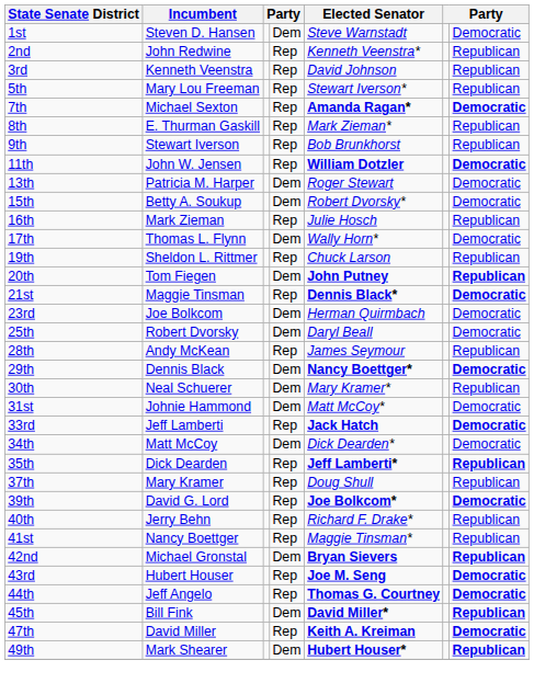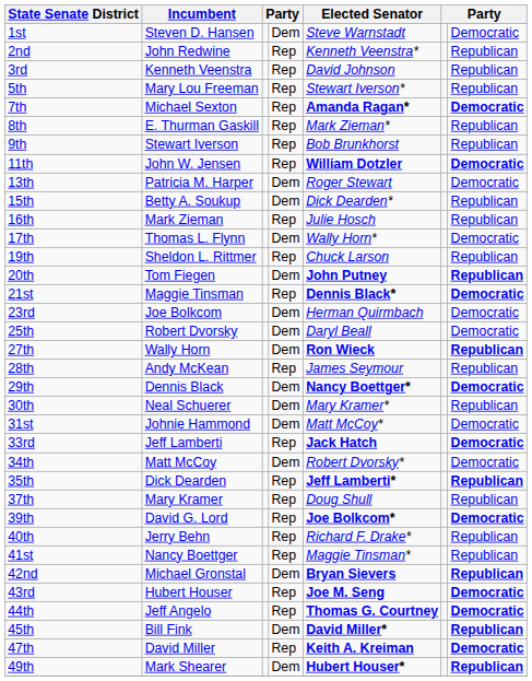 <table class="sortable wikitable" style="font-size:95%;line-height:14px;">
 <tr>
 <th class="unsortable"><a href='#'>State Senate</a> District</th>
 <th class="unsortable"><a href='#'>Incumbent</a></th>
 <th colspan="2">Party</th>
 <th class="unsortable">Elected Senator</th>
 <th colspan="2">Party</th>
 </tr>
 <tr>
 <td><a href='#'>1st</a></td>
 <td><a href='#'>Steven D. Hansen</a></td>
 <td style="background:"></td>
 <td>Dem</td>
 <td><em><a href='#'>Steve Warnstadt</a></em></td>
 <td style="background:"></td>
 <td><a href='#'>Democratic</a></td>
 </tr>
 <tr>
 <td><a href='#'>2nd</a></td>
 <td><a href='#'>John Redwine</a></td>
 <td style="background:"></td>
 <td>Rep</td>
 <td><em><a href='#'>Kenneth Veenstra</a>*</em></td>
 <td style="background:"></td>
 <td><a href='#'>Republican</a></td>
 </tr>
 <tr>
 <td><a href='#'>3rd</a></td>
 <td><a href='#'>Kenneth Veenstra</a></td>
 <td style="background:"></td>
 <td>Rep</td>
 <td><em><a href='#'>David Johnson</a></em></td>
 <td style="background:"></td>
 <td><a href='#'>Republican</a></td>
 </tr>
 <tr>
 <td><a href='#'>5th</a></td>
 <td><a href='#'>Mary Lou Freeman</a></td>
 <td style="background:"></td>
 <td>Rep</td>
 <td><em><a href='#'>Stewart Iverson</a>*</em></td>
 <td style="background:"></td>
 <td><a href='#'>Republican</a></td>
 </tr>
 <tr>
 <td><a href='#'>7th</a></td>
 <td><a href='#'>Michael Sexton</a></td>
 <td style="background:"></td>
 <td>Rep</td>
 <td><strong><a href='#'>Amanda Ragan</a>*</strong></td>
 <td style="background:"></td>
 <td><strong><a href='#'>Democratic</a></strong></td>
 </tr>
 <tr>
 <td><a href='#'>8th</a></td>
 <td><a href='#'>E. Thurman Gaskill</a></td>
 <td style="background:"></td>
 <td>Rep</td>
 <td><em><a href='#'>Mark Zieman</a>*</em></td>
 <td style="background:"></td>
 <td><a href='#'>Republican</a></td>
 </tr>
 <tr>
 <td><a href='#'>9th</a></td>
 <td><a href='#'>Stewart Iverson</a></td>
 <td style="background:"></td>
 <td>Rep</td>
 <td><em><a href='#'>Bob Brunkhorst</a></em></td>
 <td style="background:"></td>
 <td><a href='#'>Republican</a></td>
 </tr>
 <tr>
 <td><a href='#'>11th</a></td>
 <td><a href='#'>John W. Jensen</a></td>
 <td style="background:"></td>
 <td>Rep</td>
 <td><strong><a href='#'>William Dotzler</a></strong></td>
 <td style="background:"></td>
 <td><strong><a href='#'>Democratic</a></strong></td>
 </tr>
 <tr>
 <td><a href='#'>13th</a></td>
 <td><a href='#'>Patricia M. Harper</a></td>
 <td style="background:"></td>
 <td>Dem</td>
 <td><em><a href='#'>Roger Stewart</a></em></td>
 <td style="background:"></td>
 <td><a href='#'>Democratic</a></td>
 </tr>
 <tr>
 <td><a href='#'>15th</a></td>
 <td><a href='#'>Betty A. Soukup</a></td>
 <td style="background:"></td>
 <td>Dem</td>
-<td><em><a href='#'>Robert Dvorsky</a>*</em></td>
+<td><em><a href='#'>Dick Dearden</a>*</em></td>
 <td style="background:"></td>
-<td><a href='#'>Democratic</a></td>
+<td><a href='#'>Republican</a></td>
 </tr>
 <tr>
 <td><a href='#'>16th</a></td>
 <td><a href='#'>Mark Zieman</a></td>
 <td style="background:"></td>
 <td>Rep</td>
 <td><em><a href='#'>Julie Hosch</a></em></td>
 <td style="background:"></td>
 <td><a href='#'>Republican</a></td>
 </tr>
 <tr>
 <td><a href='#'>17th</a></td>
 <td><a href='#'>Thomas L. Flynn</a></td>
 <td style="background:"></td>
 <td>Dem</td>
 <td><em><a href='#'>Wally Horn</a>*</em></td>
 <td style="background:"></td>
 <td><a href='#'>Democratic</a></td>
 </tr>
 <tr>
 <td><a href='#'>19th</a></td>
 <td><a href='#'>Sheldon L. Rittmer</a></td>
 <td style="background:"></td>
 <td>Rep</td>
 <td><em><a href='#'>Chuck Larson</a></em></td>
 <td style="background:"></td>
 <td><a href='#'>Republican</a></td>
 </tr>
 <tr>
 <td><a href='#'>20th</a></td>
 <td><a href='#'>Tom Fiegen</a></td>
 <td style="background:"></td>
 <td>Dem</td>
 <td><strong><a href='#'>John Putney</a></strong></td>
 <td style="background:"></td>
 <td><strong><a href='#'>Republican</a></strong></td>
 </tr>
 <tr>
 <td><a href='#'>21st</a></td>
 <td><a href='#'>Maggie Tinsman</a></td>
 <td style="background:"></td>
 <td>Rep</td>
 <td><strong><a href='#'>Dennis Black</a>*</strong></td>
 <td style="background:"></td>
 <td><strong><a href='#'>Democratic</a></strong></td>
 </tr>
 <tr>
 <td><a href='#'>23rd</a></td>
 <td><a href='#'>Joe Bolkcom</a></td>
 <td style="background:"></td>
 <td>Dem</td>
 <td><em><a href='#'>Herman Quirmbach</a></em></td>
 <td style="background:"></td>
 <td><a href='#'>Democratic</a></td>
 </tr>
 <tr>
 <td><a href='#'>25th</a></td>
 <td><a href='#'>Robert Dvorsky</a></td>
 <td style="background:"></td>
 <td>Dem</td>
 <td><em><a href='#'>Daryl Beall</a></em></td>
 <td style="background:"></td>
 <td><a href='#'>Democratic</a></td>
 </tr>
 <tr>
+<td><a href='#'>27th</a></td>
+<td><a href='#'>Wally Horn</a></td>
+<td style="background:"></td>
+<td>Dem</td>
+<td><strong><a href='#'>Ron Wieck</a></strong></td>
+<td style="background:"></td>
+<td><strong><a href='#'>Republican</a></strong></td>
+</tr>
+<tr>
 <td><a href='#'>28th</a></td>
 <td><a href='#'>Andy McKean</a></td>
 <td style="background:"></td>
 <td>Rep</td>
 <td><em><a href='#'>James Seymour</a></em></td>
 <td style="background:"></td>
 <td><a href='#'>Republican</a></td>
 </tr>
 <tr>
 <td><a href='#'>29th</a></td>
 <td><a href='#'>Dennis Black</a></td>
 <td style="background:"></td>
 <td>Dem</td>
 <td><strong><a href='#'>Nancy Boettger</a>*</strong></td>
 <td style="background:"></td>
 <td><strong><a href='#'>Democratic</a></strong></td>
 </tr>
 <tr>
 <td><a href='#'>30th</a></td>
 <td><a href='#'>Neal Schuerer</a></td>
 <td style="background:"></td>
 <td>Dem</td>
 <td><em><a href='#'>Mary Kramer</a>*</em></td>
 <td style="background:"></td>
 <td><a href='#'>Republican</a></td>
 </tr>
 <tr>
 <td><a href='#'>31st</a></td>
 <td><a href='#'>Johnie Hammond</a></td>
 <td style="background:"></td>
 <td>Dem</td>
 <td><em><a href='#'>Matt McCoy</a>*</em></td>
 <td style="background:"></td>
 <td><a href='#'>Democratic</a></td>
 </tr>
 <tr>
 <td><a href='#'>33rd</a></td>
 <td><a href='#'>Jeff Lamberti</a></td>
 <td style="background:"></td>
 <td>Rep</td>
 <td><strong><a href='#'>Jack Hatch</a></strong></td>
 <td style="background:"></td>
 <td><strong><a href='#'>Democratic</a></strong></td>
 </tr>
 <tr>
 <td><a href='#'>34th</a></td>
 <td><a href='#'>Matt McCoy</a></td>
 <td style="background:"></td>
 <td>Dem</td>
-<td><em><a href='#'>Dick Dearden</a>*</em></td>
+<td><em><a href='#'>Robert Dvorsky</a>*</em></td>
 <td style="background:"></td>
 <td><a href='#'>Democratic</a></td>
 </tr>
 <tr>
 <td><a href='#'>35th</a></td>
 <td><a href='#'>Dick Dearden</a></td>
 <td style="background:"></td>
 <td>Rep</td>
 <td><strong><a href='#'>Jeff Lamberti</a>*</strong></td>
 <td style="background:"></td>
 <td><strong><a href='#'>Republican</a></strong></td>
 </tr>
 <tr>
 <td><a href='#'>37th</a></td>
 <td><a href='#'>Mary Kramer</a></td>
 <td style="background:"></td>
 <td>Rep</td>
 <td><em><a href='#'>Doug Shull</a></em></td>
 <td style="background:"></td>
 <td><a href='#'>Republican</a></td>
 </tr>
 <tr>
 <td><a href='#'>39th</a></td>
 <td><a href='#'>David G. Lord</a></td>
 <td style="background:"></td>
 <td>Rep</td>
 <td><strong><a href='#'>Joe Bolkcom</a>*</strong></td>
 <td style="background:"></td>
 <td><strong><a href='#'>Democratic</a></strong></td>
 </tr>
 <tr>
 <td><a href='#'>40th</a></td>
 <td><a href='#'>Jerry Behn</a></td>
 <td style="background:"></td>
 <td>Rep</td>
 <td><em><a href='#'>Richard F. Drake</a>*</em></td>
 <td style="background:"></td>
 <td><a href='#'>Republican</a></td>
 </tr>
 <tr>
 <td><a href='#'>41st</a></td>
 <td><a href='#'>Nancy Boettger</a></td>
 <td style="background:"></td>
 <td>Rep</td>
 <td><em><a href='#'>Maggie Tinsman</a>*</em></td>
 <td style="background:"></td>
 <td><a href='#'>Republican</a></td>
 </tr>
 <tr>
 <td><a href='#'>42nd</a></td>
 <td><a href='#'>Michael Gronstal</a></td>
 <td style="background:"></td>
 <td>Dem</td>
 <td><strong><a href='#'>Bryan Sievers</a></strong></td>
 <td style="background:"></td>
 <td><strong><a href='#'>Republican</a></strong></td>
 </tr>
 <tr>
 <td><a href='#'>43rd</a></td>
 <td><a href='#'>Hubert Houser</a></td>
 <td style="background:"></td>
 <td>Rep</td>
 <td><strong><a href='#'>Joe M. Seng</a></strong></td>
 <td style="background:"></td>
 <td><strong><a href='#'>Democratic</a></strong></td>
 </tr>
 <tr>
 <td><a href='#'>44th</a></td>
 <td><a href='#'>Jeff Angelo</a></td>
 <td style="background:"></td>
 <td>Rep</td>
 <td><strong><a href='#'>Thomas G. Courtney</a></strong></td>
 <td style="background:"></td>
 <td><strong><a href='#'>Democratic</a></strong></td>
 </tr>
 <tr>
 <td><a href='#'>45th</a></td>
 <td><a href='#'>Bill Fink</a></td>
 <td style="background:"></td>
 <td>Dem</td>
 <td><strong><a href='#'>David Miller</a>*</strong></td>
 <td style="background:"></td>
 <td><strong><a href='#'>Republican</a></strong></td>
 </tr>
 <tr>
 <td><a href='#'>47th</a></td>
 <td><a href='#'>David Miller</a></td>
 <td style="background:"></td>
 <td>Rep</td>
 <td><strong><a href='#'>Keith A. Kreiman</a></strong></td>
 <td style="background:"></td>
 <td><strong><a href='#'>Democratic</a></strong></td>
 </tr>
 <tr>
 <td><a href='#'>49th</a></td>
 <td><a href='#'>Mark Shearer</a></td>
 <td style="background:"></td>
 <td>Dem</td>
 <td><strong><a href='#'>Hubert Houser</a>*</strong></td>
 <td style="background:"></td>
 <td><strong><a href='#'>Republican</a></strong></td>
 </tr>
 <tr>
 </tr>
 </table>
